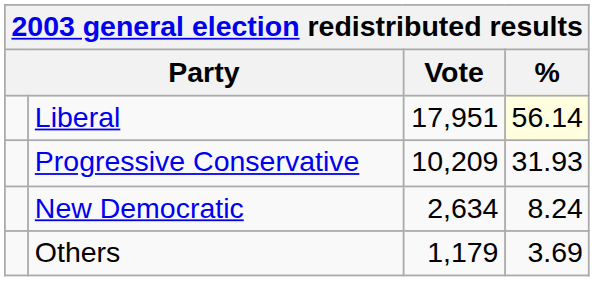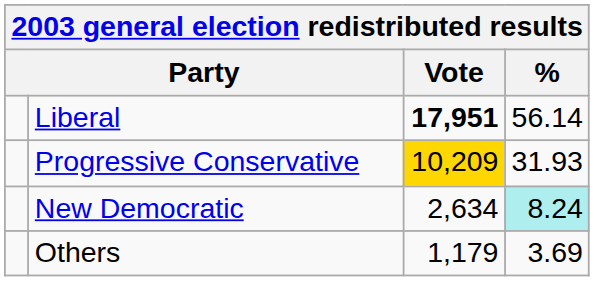 <table class="wikitable">
 <tr>
 <th colspan="4"><a href='#'>2003 general election</a> redistributed results</th>
 </tr>
 <tr>
 <th bgcolor="#DDDDFF" width="130px" colspan="2">Party</th>
 <th bgcolor="#DDDDFF" width="50px">Vote</th>
 <th bgcolor="#DDDDFF" width="30px">%</th>
 </tr>
 <tr>
 <td> </td>
 <td><a href='#'>Liberal</a></td>
-<td align=right>17,951</td>
-<td align=right style="background: lightyellow;">56.14</td>
+<td align=right><strong>17,951</strong></td>
+<td align=right>56.14</td>
 </tr>
 <tr>
 <td> </td>
 <td><a href='#'>Progressive Conservative</a></td>
-<td align=right>10,209</td>
+<td align=right style="background: gold;">10,209</td>
 <td align=right>31.93</td>
 </tr>
 <tr>
 <td> </td>
 <td><a href='#'>New Democratic</a></td>
 <td align=right>2,634</td>
-<td align=right>8.24</td>
+<td align=right style="background: paleturquoise;">8.24</td>
 </tr>
 <tr>
 <td> </td>
 <td>Others</td>
 <td align=right>1,179</td>
 <td align=right>3.69</td>
 </tr>
 </table>
